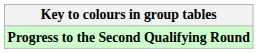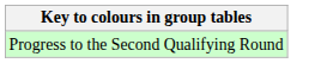 <table class="wikitable" border="1">
 <tr>
 <th>Key to colours in group tables</th>
 </tr>
 <tr style="background:#cfc;">
-<td><strong>Progress to the Second Qualifying Round</strong></td>
+<td>Progress to the Second Qualifying Round</td>
 </tr>
 </table>
